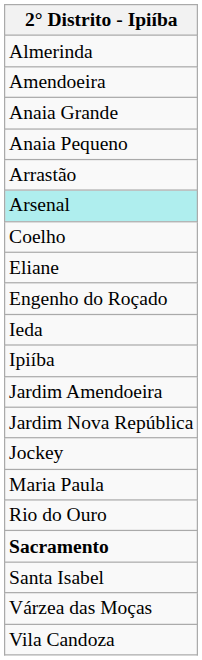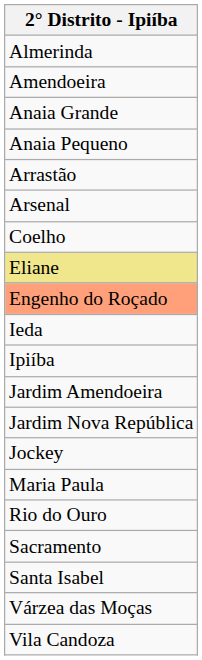 <table class="wikitable">
 <tr>
 <th>2° Distrito - Ipiíba</th>
 </tr>
 <tr>
 <td>Almerinda</td>
 </tr>
 <tr>
 <td>Amendoeira</td>
 </tr>
 <tr>
 <td>Anaia Grande</td>
 </tr>
 <tr>
 <td>Anaia Pequeno</td>
 </tr>
 <tr>
 <td>Arrastão</td>
 </tr>
 <tr>
-<td style="background: paleturquoise;">Arsenal</td>
+<td>Arsenal</td>
 </tr>
 <tr>
 <td>Coelho</td>
 </tr>
 <tr>
-<td>Eliane</td>
+<td style="background: khaki;">Eliane</td>
 </tr>
 <tr>
-<td>Engenho do Roçado</td>
+<td style="background: lightsalmon;">Engenho do Roçado</td>
 </tr>
 <tr>
 <td>Ieda</td>
 </tr>
 <tr>
 <td>Ipiíba</td>
 </tr>
 <tr>
 <td>Jardim Amendoeira</td>
 </tr>
 <tr>
 <td>Jardim Nova República</td>
 </tr>
 <tr>
 <td>Jockey</td>
 </tr>
 <tr>
 <td>Maria Paula</td>
 </tr>
 <tr>
 <td>Rio do Ouro</td>
 </tr>
 <tr>
-<td><strong>Sacramento</strong></td>
+<td>Sacramento</td>
 </tr>
 <tr>
 <td>Santa Isabel</td>
 </tr>
 <tr>
 <td>Várzea das Moças</td>
 </tr>
 <tr>
 <td>Vila Candoza</td>
 </tr>
 </table>
